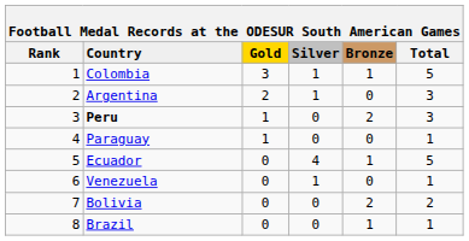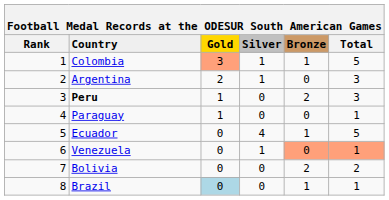 <table class="wikitable" border="2" style="text-align:center">
 <tr>
 <th colspan="6"><br>Football Medal Records at the ODESUR South American Games</th>
 </tr>
 <tr bgcolor="#efefef">
 <th>Rank</th>
 <td align="left"><strong>Country</strong></td>
 <td bgcolor="gold" align="center" width="40"><strong>Gold</strong></td>
 <td bgcolor="silver" align="center" width="40"><strong>Silver</strong></td>
 <td bgcolor="CC9966" align="center" width="40"><strong>Bronze</strong></td>
 <th width="60">Total</th>
 </tr>
 <tr>
 <td align="right">1</td>
 <td align="left"> <a href='#'>Colombia</a></td>
-<td>3</td>
+<td style="background: lightsalmon;">3</td>
 <td>1</td>
 <td>1</td>
 <td>5</td>
 </tr>
 <tr>
 <td align="right">2</td>
 <td align="left"> <a href='#'>Argentina</a></td>
 <td>2</td>
 <td>1</td>
 <td>0</td>
 <td>3</td>
 </tr>
 <tr>
 <td align="right">3</td>
 <td align="left"> <strong>Peru</strong></td>
 <td>1</td>
 <td>0</td>
 <td>2</td>
 <td>3</td>
 </tr>
 <tr>
 <td align="right">4</td>
 <td align="left"> <a href='#'>Paraguay</a></td>
 <td>1</td>
 <td>0</td>
 <td>0</td>
 <td>1</td>
 </tr>
 <tr>
 <td align="right">5</td>
 <td align="left"> <a href='#'>Ecuador</a></td>
 <td>0</td>
 <td>4</td>
 <td>1</td>
 <td>5</td>
 </tr>
 <tr>
 <td align="right">6</td>
 <td align="left"> <a href='#'>Venezuela</a></td>
 <td>0</td>
 <td>1</td>
-<td>0</td>
-<td>1</td>
+<td style="background: lightsalmon;">0</td>
+<td style="background: lightsalmon;">1</td>
 </tr>
 <tr>
 <td align="right">7</td>
 <td align="left"> <a href='#'>Bolivia</a></td>
 <td>0</td>
 <td>0</td>
 <td>2</td>
 <td>2</td>
 </tr>
 <tr>
 <td align="right">8</td>
 <td align="left"> <a href='#'>Brazil</a></td>
-<td>0</td>
+<td style="background: lightblue;">0</td>
 <td>0</td>
 <td>1</td>
 <td>1</td>
 </tr>
 </table>
